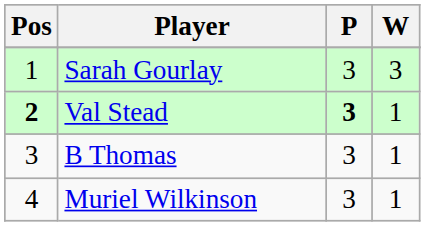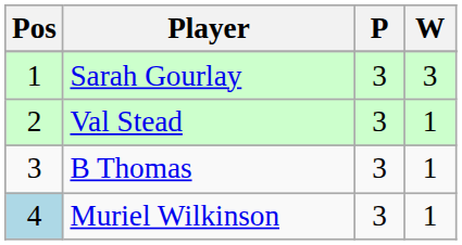 <table class="wikitable">
 <tr>
 <th width=20>Pos</th>
 <th width=150>Player</th>
 <th width=20>P</th>
 <th width=20>W</th>
 </tr>
 <tr>
 </tr>
 <tr align=center style="background: #ccffcc;">
 <td>1</td>
 <td align="left"> <a href='#'>Sarah Gourlay</a></td>
 <td>3</td>
 <td>3</td>
 </tr>
 <tr align=center style="background: #ccffcc;">
-<td><strong>2</strong></td>
+<td>2</td>
 <td align="left"> <a href='#'>Val Stead</a></td>
-<td><strong>3</strong></td>
+<td>3</td>
 <td>1</td>
 </tr>
 <tr align=center>
 <td>3</td>
 <td align="left"> <a href='#'>B Thomas</a></td>
 <td>3</td>
 <td>1</td>
 </tr>
 <tr align=center>
-<td>4</td>
+<td style="background: lightblue;">4</td>
 <td align="left"> <a href='#'>Muriel Wilkinson</a></td>
 <td>3</td>
 <td>1</td>
 </tr>
 </table>
